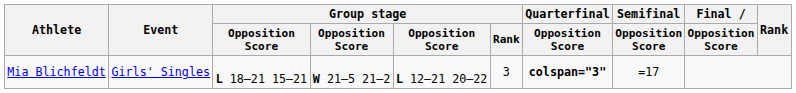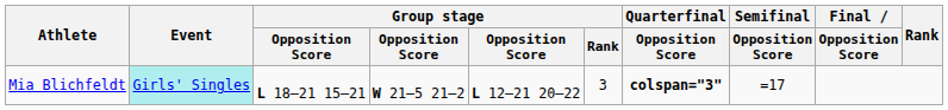 <table class="wikitable" style="font-size:90%">
 <tr>
 <th rowspan=2>Athlete</th>
 <th rowspan=2>Event</th>
 <th colspan=4>Group stage</th>
 <th>Quarterfinal</th>
 <th>Semifinal</th>
 <th>Final / </th>
 <th rowspan=2>Rank</th>
 </tr>
 <tr style="font-size:95%">
 <th>Opposition<br>Score</th>
 <th>Opposition<br>Score</th>
 <th>Opposition<br>Score</th>
 <th>Rank</th>
 <th>Opposition<br>Score</th>
 <th>Opposition<br>Score</th>
 <th>Opposition<br>Score</th>
 </tr>
 <tr align=center>
 <td align=left><a href='#'>Mia Blichfeldt</a></td>
-<td align=left><a href='#'>Girls' Singles</a></td>
+<td align=left style="background: paleturquoise;"><a href='#'>Girls' Singles</a></td>
 <td><br><strong>L</strong> 18–21 15–21</td>
 <td><br><strong>W</strong> 21–5 21–2</td>
 <td><br><strong>L</strong> 12–21 20–22</td>
 <td>3</td>
 <td><strong>colspan="3" </strong></td>
 <td>=17</td>
 </tr>
 </table>
